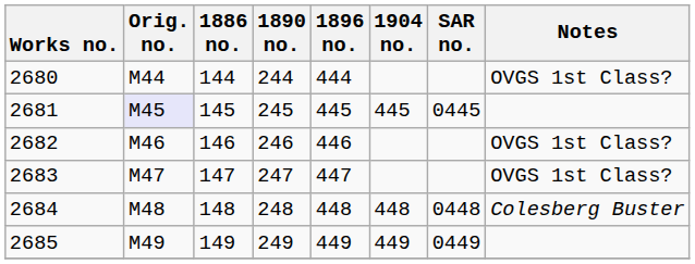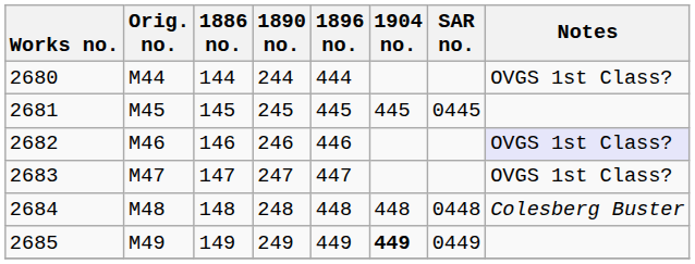 <table class="wikitable collapsible collapsed sortable" style="margin:0.5em auto; font-size:100%;">
 <tr>
 <th><br>Works no.</th>
 <th>Orig.<br>no.</th>
 <th>1886<br>no.</th>
 <th>1890<br>no.</th>
 <th>1896<br>no.</th>
 <th>1904<br>no.</th>
 <th>SAR<br>no.</th>
 <th>Notes</th>
 </tr>
 <tr>
 <td>2680</td>
 <td>M44</td>
 <td>144</td>
 <td>244</td>
 <td>444</td>
 <td></td>
 <td></td>
 <td>OVGS 1st Class?</td>
 </tr>
 <tr>
 <td>2681</td>
-<td style="background: lavender;">M45</td>
+<td>M45</td>
 <td>145</td>
 <td>245</td>
 <td>445</td>
 <td>445</td>
 <td>0445</td>
 <td></td>
 </tr>
 <tr>
 <td>2682</td>
 <td>M46</td>
 <td>146</td>
 <td>246</td>
 <td>446</td>
 <td></td>
 <td></td>
-<td>OVGS 1st Class?</td>
+<td style="background: lavender;">OVGS 1st Class?</td>
 </tr>
 <tr>
 <td>2683</td>
 <td>M47</td>
 <td>147</td>
 <td>247</td>
 <td>447</td>
 <td></td>
 <td></td>
 <td>OVGS 1st Class?</td>
 </tr>
 <tr>
 <td>2684</td>
 <td>M48</td>
 <td>148</td>
 <td>248</td>
 <td>448</td>
 <td>448</td>
 <td>0448</td>
 <td><em>Colesberg Buster</em></td>
 </tr>
 <tr>
 <td>2685</td>
 <td>M49</td>
 <td>149</td>
 <td>249</td>
 <td>449</td>
-<td>449</td>
+<td><strong>449</strong></td>
 <td>0449</td>
 <td></td>
 </tr>
 <tr>
 </tr>
 </table>
